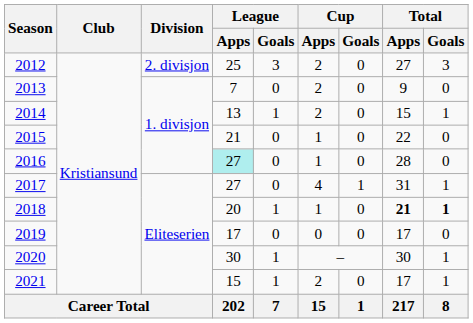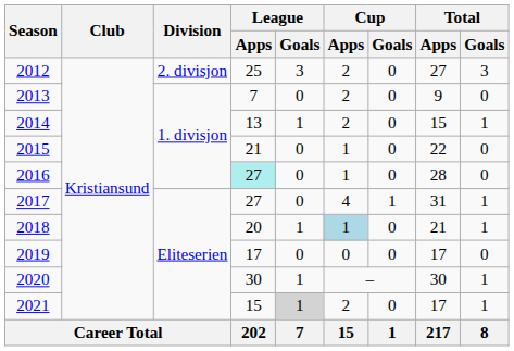 <table class="wikitable" style="text-align: center;">
 <tr>
 <th rowspan="2">Season</th>
 <th rowspan="2">Club</th>
 <th rowspan="2">Division</th>
 <th colspan="2">League</th>
 <th colspan="2">Cup</th>
 <th colspan="2">Total</th>
 </tr>
 <tr>
 <th>Apps</th>
 <th>Goals</th>
 <th>Apps</th>
 <th>Goals</th>
 <th>Apps</th>
 <th>Goals</th>
 </tr>
 <tr>
 <td><a href='#'>2012</a></td>
 <td rowspan="10" valign="center"><a href='#'>Kristiansund</a></td>
 <td rowspan="1" valign="center"><a href='#'>2. divisjon</a></td>
 <td>25</td>
 <td>3</td>
 <td>2</td>
 <td>0</td>
 <td>27</td>
 <td>3</td>
 </tr>
 <tr>
 <td><a href='#'>2013</a></td>
 <td rowspan="4" valign="center"><a href='#'>1. divisjon</a></td>
 <td>7</td>
 <td>0</td>
 <td>2</td>
 <td>0</td>
 <td>9</td>
 <td>0</td>
 </tr>
 <tr>
 <td><a href='#'>2014</a></td>
 <td>13</td>
 <td>1</td>
 <td>2</td>
 <td>0</td>
 <td>15</td>
 <td>1</td>
 </tr>
 <tr>
 <td><a href='#'>2015</a></td>
 <td>21</td>
 <td>0</td>
 <td>1</td>
 <td>0</td>
 <td>22</td>
 <td>0</td>
 </tr>
 <tr>
 <td><a href='#'>2016</a></td>
 <td style="background: paleturquoise;">27</td>
 <td>0</td>
 <td>1</td>
 <td>0</td>
 <td>28</td>
 <td>0</td>
 </tr>
 <tr>
 <td><a href='#'>2017</a></td>
 <td rowspan="5" valign="center"><a href='#'>Eliteserien</a></td>
 <td>27</td>
 <td>0</td>
 <td>4</td>
 <td>1</td>
 <td>31</td>
 <td>1</td>
 </tr>
 <tr>
 <td><a href='#'>2018</a></td>
 <td>20</td>
 <td>1</td>
+<td style="background: lightblue;">1</td>
+<td>0</td>
+<td>21</td>
 <td>1</td>
-<td>0</td>
-<td><strong>21</strong></td>
-<td><strong>1</strong></td>
 </tr>
 <tr>
 <td><a href='#'>2019</a></td>
 <td>17</td>
 <td>0</td>
 <td>0</td>
 <td>0</td>
 <td>17</td>
 <td>0</td>
 </tr>
 <tr>
 <td><a href='#'>2020</a></td>
 <td>30</td>
 <td>1</td>
 <td colspan=2>–</td>
 <td>30</td>
 <td>1</td>
 </tr>
 <tr>
 <td><a href='#'>2021</a></td>
 <td>15</td>
-<td>1</td>
+<td style="background: lightgrey;">1</td>
 <td>2</td>
 <td>0</td>
 <td>17</td>
 <td>1</td>
 </tr>
 <tr>
 <th colspan="3">Career Total</th>
 <th>202</th>
 <th>7</th>
 <th>15</th>
 <th>1</th>
 <th>217</th>
 <th>8</th>
 </tr>
 </table>
